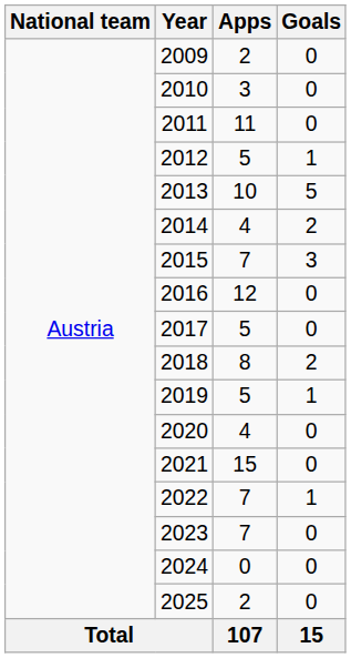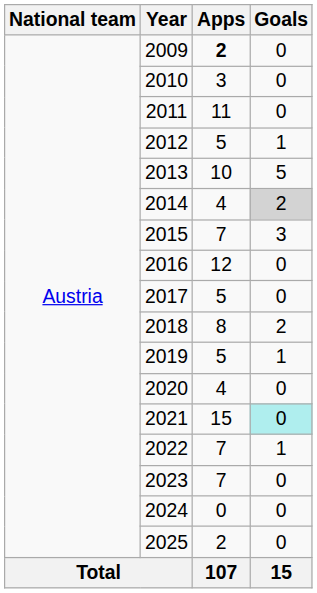 <table class="wikitable" style="text-align: center;">
 <tr>
 <th>National team</th>
 <th>Year</th>
 <th>Apps</th>
 <th>Goals</th>
 </tr>
 <tr>
 <td rowspan="17"><a href='#'>Austria</a></td>
 <td>2009</td>
-<td>2</td>
+<td><strong>2</strong></td>
 <td>0</td>
 </tr>
 <tr>
 <td>2010</td>
 <td>3</td>
 <td>0</td>
 </tr>
 <tr>
 <td>2011</td>
 <td>11</td>
 <td>0</td>
 </tr>
 <tr>
 <td>2012</td>
 <td>5</td>
 <td>1</td>
 </tr>
 <tr>
 <td>2013</td>
 <td>10</td>
 <td>5</td>
 </tr>
 <tr>
 <td>2014</td>
 <td>4</td>
-<td>2</td>
+<td style="background: lightgrey;">2</td>
 </tr>
 <tr>
 <td>2015</td>
 <td>7</td>
 <td>3</td>
 </tr>
 <tr>
 <td>2016</td>
 <td>12</td>
 <td>0</td>
 </tr>
 <tr>
 <td>2017</td>
 <td>5</td>
 <td>0</td>
 </tr>
 <tr>
 <td>2018</td>
 <td>8</td>
 <td>2</td>
 </tr>
 <tr>
 <td>2019</td>
 <td>5</td>
 <td>1</td>
 </tr>
 <tr>
 <td>2020</td>
 <td>4</td>
 <td>0</td>
 </tr>
 <tr>
 <td>2021</td>
 <td>15</td>
-<td>0</td>
+<td style="background: paleturquoise;">0</td>
 </tr>
 <tr>
 <td>2022</td>
 <td>7</td>
 <td>1</td>
 </tr>
 <tr>
 <td>2023</td>
 <td>7</td>
 <td>0</td>
 </tr>
 <tr>
 <td>2024</td>
 <td>0</td>
 <td>0</td>
 </tr>
 <tr>
 <td>2025</td>
 <td>2</td>
 <td>0</td>
 </tr>
 <tr>
 <th colspan="2">Total</th>
 <th>107</th>
 <th>15</th>
 </tr>
 </table>
